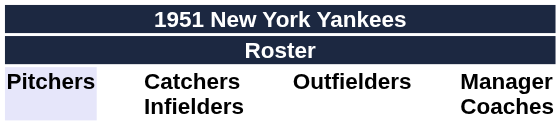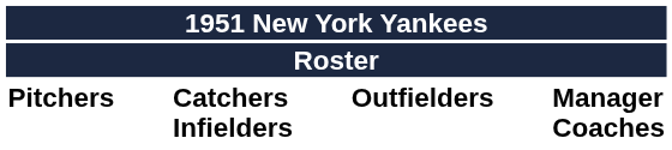 <table class="toccolours" style="font-size: 95%;">
 <tr>
 <th colspan="10" style="background-color: #1c2841; color: white; text-align: center;">1951 New York Yankees</th>
 </tr>
 <tr>
 <td colspan="10" style="background-color:#1c2841; color: white; text-align: center;"><strong>Roster</strong></td>
 </tr>
 <tr>
-<td valign="top" style="background: lavender;"><strong>Pitchers</strong><br>                  </td>
+<td valign="top"><strong>Pitchers</strong><br>                  </td>
 <td width="25px"></td>
 <td valign="top"><strong>Catchers</strong><br>    <strong>Infielders</strong>          </td>
 <td width="25px"></td>
 <td valign="top"><strong>Outfielders</strong><br>       </td>
 <td width="25px"></td>
 <td valign="top"><strong>Manager</strong><br> <strong>Coaches</strong>    </td>
 </tr>
 </table>
